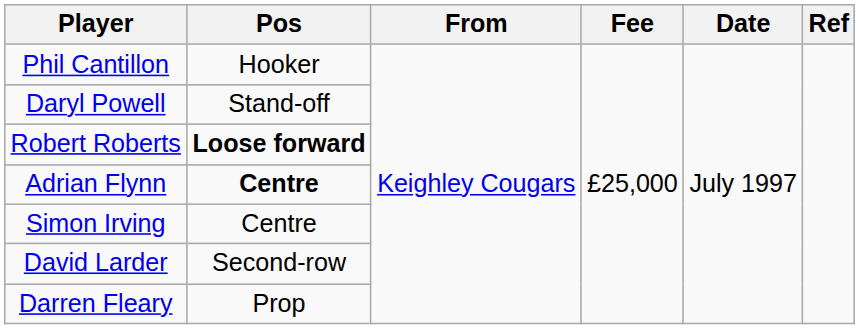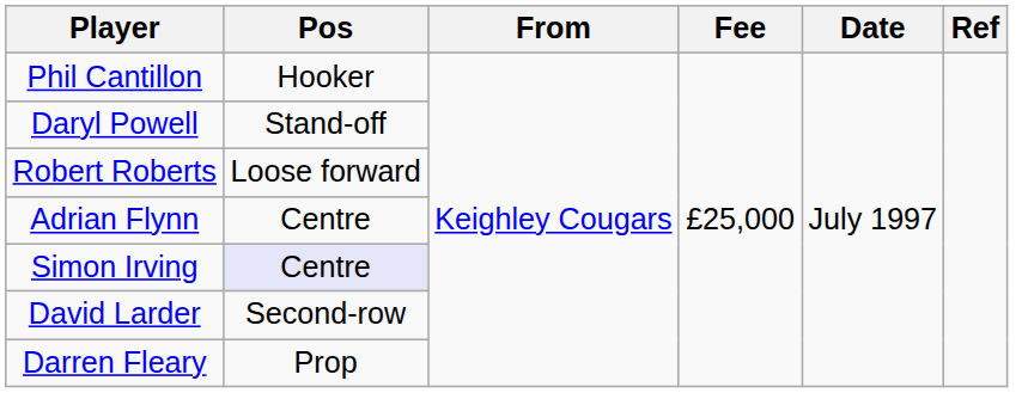 <table class="wikitable" style="text-align:center; width="70%; text-align:left">
 <tr>
 <th><strong>Player</strong></th>
 <th><strong>Pos</strong></th>
 <th><strong>From</strong></th>
 <th><strong>Fee</strong></th>
 <th><strong>Date</strong></th>
 <th><strong>Ref</strong></th>
 </tr>
 <tr --->
 <td><a href='#'>Phil Cantillon</a></td>
 <td>Hooker</td>
 <td rowspan="7"><a href='#'>Keighley Cougars</a></td>
 <td rowspan="7">£25,000</td>
 <td rowspan="7">July 1997</td>
 <td rowspan="7"></td>
 </tr>
 <tr --->
 <td><a href='#'>Daryl Powell</a></td>
 <td>Stand-off</td>
 </tr>
 <tr --->
 <td><a href='#'>Robert Roberts</a></td>
-<td><strong>Loose forward</strong></td>
+<td>Loose forward</td>
 </tr>
 <tr --->
 <td><a href='#'>Adrian Flynn</a></td>
-<td><strong>Centre</strong></td>
+<td>Centre</td>
 </tr>
 <tr --->
 <td><a href='#'>Simon Irving</a></td>
-<td>Centre</td>
+<td style="background: lavender;">Centre</td>
 </tr>
 <tr --->
 <td><a href='#'>David Larder</a></td>
 <td>Second-row</td>
 </tr>
 <tr --->
 <td><a href='#'>Darren Fleary</a></td>
 <td>Prop</td>
 </tr>
 </table>
